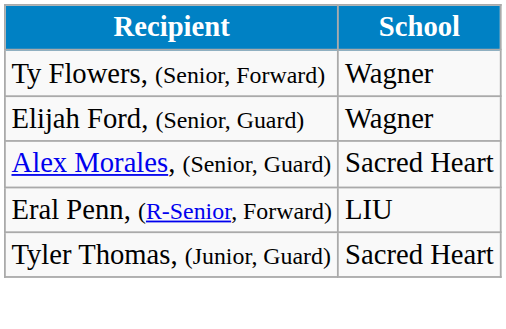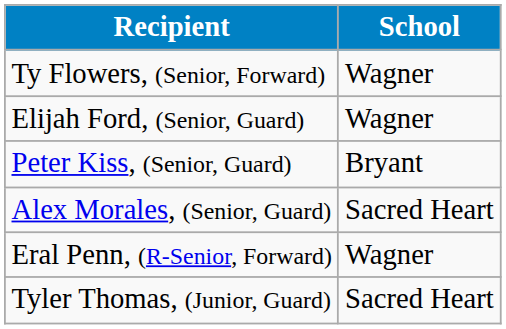 <table class="wikitable" border="1">
 <tr>
 <th align="center" style="background:#0081C4; color:#FFFFFF;">Recipient</th>
 <th align="center" style="background:#0081C4; color:#FFFFFF;">School</th>
 </tr>
 <tr>
 <td>Ty Flowers, <small>(Senior, Forward)</small></td>
 <td>Wagner</td>
 </tr>
 <tr>
 <td>Elijah Ford, <small>(Senior, Guard)</small></td>
 <td>Wagner</td>
 </tr>
 <tr>
+<td><a href='#'>Peter Kiss</a>, <small>(Senior, Guard)</small></td>
+<td>Bryant</td>
+</tr>
+<tr>
 <td><a href='#'>Alex Morales</a>, <small>(Senior, Guard)</small></td>
 <td>Sacred Heart</td>
 </tr>
 <tr>
 <td>Eral Penn, <small>(<a href='#'>R-Senior</a>, Forward)</small></td>
-<td>LIU</td>
+<td>Wagner</td>
 </tr>
 <tr>
 <td>Tyler Thomas, <small>(Junior, Guard)</small></td>
 <td>Sacred Heart</td>
 </tr>
 </table>
